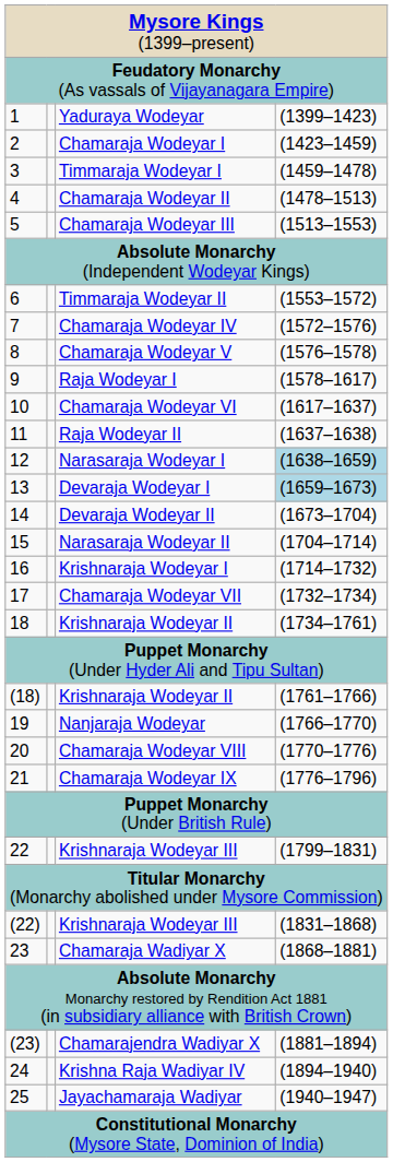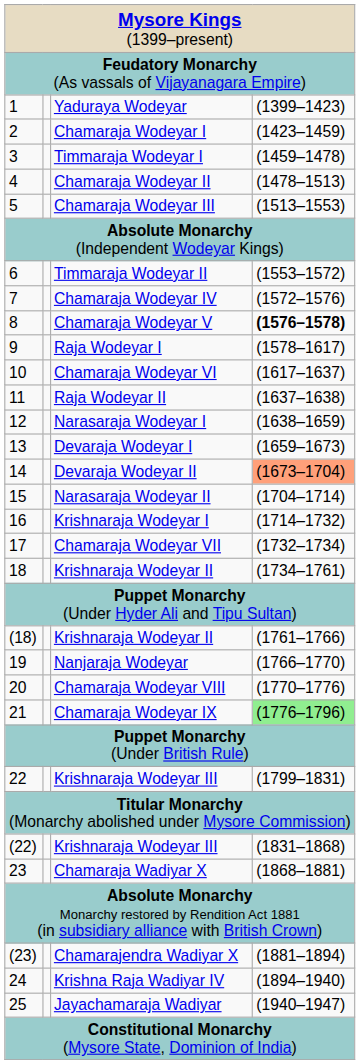 <table class="wikitable" style="margin: 0 0 1em 1em; font-family: arial; font-size: 90%; border: 1px solid #cccccc;">
 <tr>
 <td colspan="4" style="text-align:center;background-color:#e7dcc3"><big><a href='#'><strong>Mysore Kings</strong></a></big><br>(1399–present)</td>
 </tr>
 <tr style="text-align:center;background-color:#99CCCC">
 <td colspan="4"><strong>Feudatory Monarchy</strong><br>(As vassals of <a href='#'>Vijayanagara Empire</a>)<br></td>
 </tr>
 <tr>
 <td>1</td>
 <td></td>
 <td><a href='#'>Yaduraya Wodeyar</a></td>
 <td>(1399–1423)</td>
 </tr>
 <tr>
 <td>2</td>
 <td></td>
 <td><a href='#'>Chamaraja Wodeyar I</a></td>
 <td>(1423–1459)</td>
 </tr>
 <tr>
 <td>3</td>
 <td></td>
 <td><a href='#'>Timmaraja Wodeyar I</a></td>
 <td>(1459–1478)</td>
 </tr>
 <tr>
 <td>4</td>
 <td></td>
 <td><a href='#'>Chamaraja Wodeyar II</a></td>
 <td>(1478–1513)</td>
 </tr>
 <tr>
 <td>5</td>
 <td></td>
 <td><a href='#'>Chamaraja Wodeyar III</a></td>
 <td>(1513–1553)</td>
 </tr>
 <tr style="text-align:center;background-color:#99CCCC">
 <td colspan="4"><strong>Absolute Monarchy</strong><br>(Independent <a href='#'>Wodeyar</a> Kings)<br></td>
 </tr>
 <tr>
 <td>6</td>
 <td></td>
 <td><a href='#'>Timmaraja Wodeyar II</a></td>
 <td>(1553–1572)</td>
 </tr>
 <tr>
 <td>7</td>
 <td></td>
 <td><a href='#'>Chamaraja Wodeyar IV</a></td>
 <td>(1572–1576)</td>
 </tr>
 <tr>
 <td>8</td>
 <td></td>
 <td><a href='#'>Chamaraja Wodeyar V</a></td>
-<td>(1576–1578)</td>
+<td><strong>(1576–1578)</strong></td>
 </tr>
 <tr>
 <td>9</td>
 <td></td>
 <td><a href='#'>Raja Wodeyar I</a></td>
 <td>(1578–1617)</td>
 </tr>
 <tr>
 <td>10</td>
 <td></td>
 <td><a href='#'>Chamaraja Wodeyar VI</a></td>
 <td>(1617–1637)</td>
 </tr>
 <tr>
 <td>11</td>
 <td></td>
 <td><a href='#'>Raja Wodeyar II</a></td>
 <td>(1637–1638)</td>
 </tr>
 <tr>
 <td>12</td>
 <td></td>
 <td><a href='#'>Narasaraja Wodeyar I</a></td>
-<td style="background: lightblue;">(1638–1659)</td>
+<td>(1638–1659)</td>
 </tr>
 <tr>
 <td>13</td>
 <td></td>
 <td><a href='#'>Devaraja Wodeyar I</a></td>
-<td style="background: lightblue;">(1659–1673)</td>
+<td>(1659–1673)</td>
 </tr>
 <tr>
 <td>14</td>
 <td></td>
 <td><a href='#'>Devaraja Wodeyar II</a></td>
-<td>(1673–1704)</td>
+<td style="background: lightsalmon;">(1673–1704)</td>
 </tr>
 <tr>
 <td>15</td>
 <td></td>
 <td><a href='#'>Narasaraja Wodeyar II</a></td>
 <td>(1704–1714)</td>
 </tr>
 <tr>
 <td>16</td>
 <td></td>
 <td><a href='#'>Krishnaraja Wodeyar I</a></td>
 <td>(1714–1732)</td>
 </tr>
 <tr>
 <td>17</td>
 <td></td>
 <td><a href='#'>Chamaraja Wodeyar VII</a></td>
 <td>(1732–1734)</td>
 </tr>
 <tr>
 <td>18</td>
 <td></td>
 <td><a href='#'>Krishnaraja Wodeyar II</a></td>
 <td>(1734–1761)</td>
 </tr>
 <tr style="text-align:center;background-color:#99CCCC">
 <td colspan="4"><strong>Puppet Monarchy</strong><br>(Under <a href='#'>Hyder Ali</a> and <a href='#'>Tipu Sultan</a>)<br></td>
 </tr>
 <tr>
 <td>(18)</td>
 <td></td>
 <td><a href='#'>Krishnaraja Wodeyar II</a></td>
 <td>(1761–1766)</td>
 </tr>
 <tr>
 <td>19</td>
 <td></td>
 <td><a href='#'>Nanjaraja Wodeyar</a></td>
 <td>(1766–1770)</td>
 </tr>
 <tr>
 <td>20</td>
 <td></td>
 <td><a href='#'>Chamaraja Wodeyar VIII</a></td>
 <td>(1770–1776)</td>
 </tr>
 <tr>
 <td>21</td>
 <td></td>
 <td><a href='#'>Chamaraja Wodeyar IX</a></td>
-<td>(1776–1796)</td>
+<td style="background: lightgreen;">(1776–1796)</td>
 </tr>
 <tr style="text-align:center;background-color:#99CCCC">
 <td colspan="4"><strong>Puppet Monarchy</strong><br>(Under <a href='#'>British Rule</a>)<br></td>
 </tr>
 <tr>
 <td>22</td>
 <td></td>
 <td><a href='#'>Krishnaraja Wodeyar III</a></td>
 <td>(1799–1831)</td>
 </tr>
 <tr style="text-align:center;background-color:#99CCCC">
 <td colspan="4"><strong>Titular Monarchy</strong><br>(Monarchy abolished under <a href='#'>Mysore Commission</a>)<br></td>
 </tr>
 <tr>
 <td>(22)</td>
 <td></td>
 <td><a href='#'>Krishnaraja Wodeyar III</a></td>
 <td>(1831–1868)</td>
 </tr>
 <tr>
 <td>23</td>
 <td></td>
 <td><a href='#'>Chamaraja Wadiyar X</a></td>
 <td>(1868–1881)</td>
 </tr>
 <tr style="text-align:center;background-color:#99CCCC">
 <td colspan="4"><strong>Absolute Monarchy</strong><br><small>Monarchy restored by Rendition Act 1881</small><br>(in <a href='#'>subsidiary alliance</a> with <a href='#'>British Crown</a>)<br></td>
 </tr>
 <tr>
 <td>(23)</td>
 <td></td>
 <td><a href='#'>Chamarajendra Wadiyar X</a></td>
 <td>(1881–1894)</td>
 </tr>
 <tr>
 <td>24</td>
 <td></td>
 <td><a href='#'>Krishna Raja Wadiyar IV</a></td>
 <td>(1894–1940)</td>
 </tr>
 <tr>
 <td>25</td>
 <td></td>
 <td><a href='#'>Jayachamaraja Wadiyar</a></td>
 <td>(1940–1947)</td>
 </tr>
 <tr style="text-align:center;background-color:#99CCCC">
 <td colspan="4"><strong>Constitutional Monarchy</strong> <br>(<a href='#'>Mysore State</a>, <a href='#'>Dominion of India</a>)<br></td>
 </tr>
 </table>
